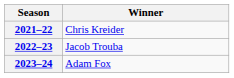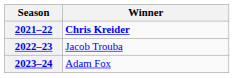 <table class="wikitable">
 <tr>
 <th scope="col" style="width:5em">Season</th>
 <th scope="col" style="width:15em">Winner</th>
 </tr>
 <tr>
 <th scope="row"><a href='#'>2021–22</a></th>
-<td><a href='#'>Chris Kreider</a></td>
+<td><strong><a href='#'>Chris Kreider</a></strong></td>
 </tr>
 <tr>
 <th scope="row"><a href='#'>2022–23</a></th>
 <td><a href='#'>Jacob Trouba</a></td>
 </tr>
 <tr>
 <th scope="row"><a href='#'>2023–24</a></th>
 <td><a href='#'>Adam Fox</a></td>
 </tr>
 </table>
